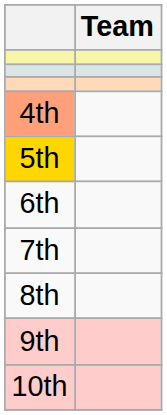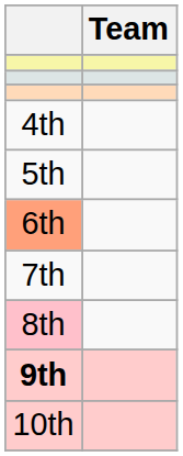 <table class="wikitable" style="text-align:center">
 <tr>
 <th width=15></th>
 <th>Team</th>
 </tr>
 <tr bgcolor="#F7F6A8">
 <td></td>
 <td align=left></td>
 </tr>
 <tr bgcolor="#DCE5E5">
 <td></td>
 <td align=left></td>
 </tr>
 <tr bgcolor="#FFDAB9">
 <td></td>
 <td align=left></td>
 </tr>
 <tr>
-<td style="background: lightsalmon;">4th</td>
+<td>4th</td>
 <td align=left></td>
 </tr>
 <tr>
-<td style="background: gold;">5th</td>
+<td>5th</td>
 <td align=left></td>
 </tr>
 <tr>
-<td>6th</td>
+<td style="background: lightsalmon;">6th</td>
 <td align=left></td>
 </tr>
 <tr>
 <td>7th</td>
 <td align=left></td>
 </tr>
 <tr>
-<td>8th</td>
+<td style="background: pink;">8th</td>
 <td align=left></td>
 </tr>
 <tr align=center bgcolor="#ffcccc">
-<td>9th</td>
+<td><strong>9th</strong></td>
 <td align=left></td>
 </tr>
 <tr align=center bgcolor="#ffcccc">
 <td>10th</td>
 <td align=left></td>
 </tr>
 </table>
